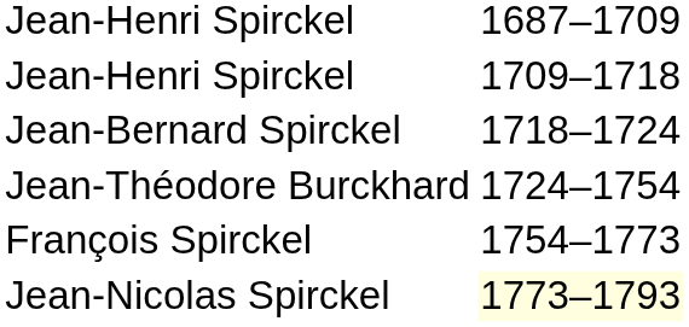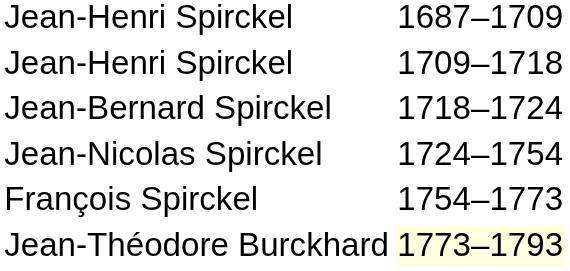 <table>
 <tr>
 <td>Jean-Henri Spirckel</td>
 <td>1687–1709</td>
 </tr>
 <tr>
 <td>Jean-Henri Spirckel</td>
 <td>1709–1718</td>
 </tr>
 <tr>
 <td>Jean-Bernard Spirckel</td>
 <td>1718–1724</td>
 </tr>
 <tr>
-<td>Jean-Théodore Burckhard</td>
+<td>Jean-Nicolas Spirckel</td>
 <td>1724–1754</td>
 </tr>
 <tr>
 <td>François Spirckel</td>
 <td>1754–1773</td>
 </tr>
 <tr>
-<td>Jean-Nicolas Spirckel</td>
+<td>Jean-Théodore Burckhard</td>
 <td style="background: lightyellow;">1773–1793</td>
 </tr>
 </table>
